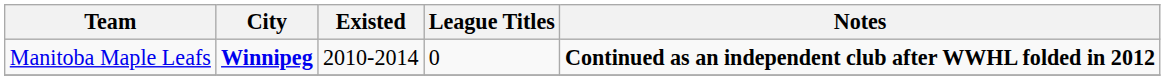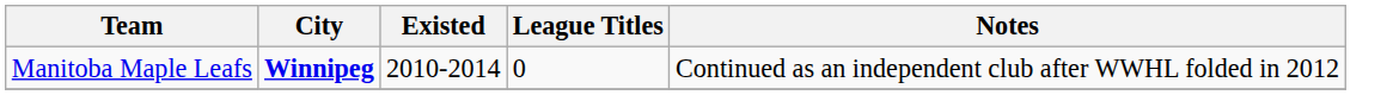 <table class="wikitable">
 <tr>
 <th>Team</th>
 <th>City</th>
 <th>Existed</th>
 <th>League Titles</th>
 <th>Notes</th>
 </tr>
 <tr>
 <td><a href='#'>Manitoba Maple Leafs</a></td>
 <td><strong><a href='#'>Winnipeg</a></strong></td>
 <td>2010-2014</td>
 <td>0</td>
-<td><strong>Continued as an independent club after WWHL folded in 2012</strong></td>
+<td>Continued as an independent club after WWHL folded in 2012</td>
 </tr>
 <tr>
 </tr>
 </table>
